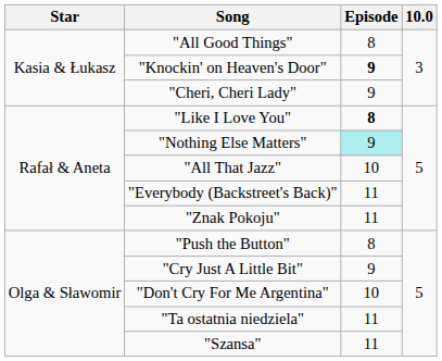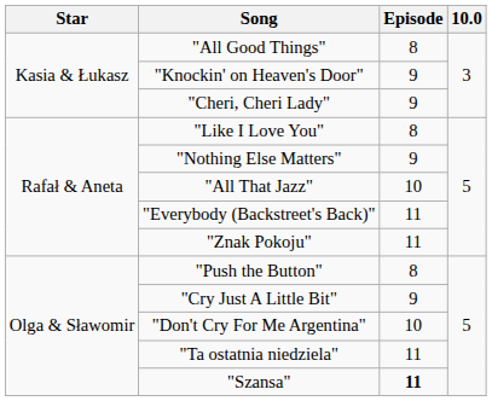 <table class="wikitable" style="text-align:center;">
 <tr>
 <th>Star</th>
 <th>Song</th>
 <th>Episode</th>
 <th>10.0</th>
 </tr>
 <tr -->
 <td align="center" rowspan="3">Kasia & Łukasz</td>
 <td>"All Good Things"</td>
 <td>8</td>
 <td align="center" rowspan="3">3</td>
 </tr>
 <tr>
 <td>"Knockin' on Heaven's Door"</td>
-<td><strong>9</strong></td>
+<td>9</td>
 </tr>
 <tr>
 <td>"Cheri, Cheri Lady"</td>
 <td>9</td>
 </tr>
 <tr>
 <td align="center" rowspan="5">Rafał & Aneta</td>
 <td>"Like I Love You"</td>
-<td><strong>8</strong></td>
+<td>8</td>
 <td align="center" rowspan="5">5</td>
 </tr>
 <tr>
 <td>"Nothing Else Matters"</td>
-<td style="background: paleturquoise;">9</td>
+<td>9</td>
 </tr>
 <tr>
 <td>"All That Jazz"</td>
 <td>10</td>
 </tr>
 <tr>
 <td>"Everybody (Backstreet's Back)"</td>
 <td>11</td>
 </tr>
 <tr>
 <td>"Znak Pokoju"</td>
 <td>11</td>
 </tr>
 <tr>
 <td align="center" rowspan="5">Olga & Sławomir</td>
 <td>"Push the Button"</td>
 <td>8</td>
 <td align="center" rowspan="5">5</td>
 </tr>
 <tr>
 <td>"Cry Just A Little Bit"</td>
 <td>9</td>
 </tr>
 <tr>
 <td>"Don't Cry For Me Argentina"</td>
 <td>10</td>
 </tr>
 <tr>
 <td>"Ta ostatnia niedziela"</td>
 <td>11</td>
 </tr>
 <tr>
 <td>"Szansa"</td>
-<td>11</td>
+<td><strong>11</strong></td>
 </tr>
 </table>
